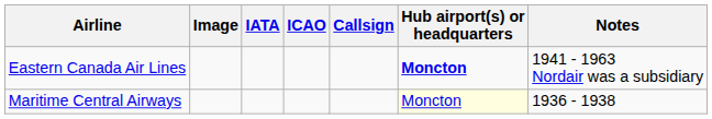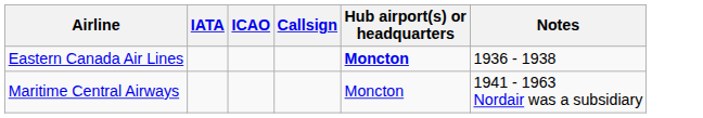 <table class="wikitable sortable" style="border: 0; cellpadding: 2; cellspacing: 3;">
 <tr style="vertical-align:middle;">
 <th>Airline</th>
-<th>Image</th>
 <th><a href='#'>IATA</a></th>
 <th><a href='#'>ICAO</a></th>
 <th><a href='#'>Callsign</a></th>
 <th>Hub airport(s) or<br>headquarters</th>
 <th class="unsortable">Notes</th>
 </tr>
 <tr>
 <td><a href='#'>Eastern Canada Air Lines</a></td>
 <td></td>
 <td></td>
 <td></td>
-<td></td>
 <td><strong><a href='#'>Moncton</a></strong></td>
-<td>1941 - 1963<br><a href='#'>Nordair</a> was a subsidiary</td>
+<td>1936 - 1938</td>
 </tr>
 <tr>
 <td><a href='#'>Maritime Central Airways</a></td>
 <td></td>
 <td></td>
 <td></td>
-<td></td>
-<td style="background: lightyellow;"><a href='#'>Moncton</a></td>
-<td>1936 - 1938</td>
+<td><a href='#'>Moncton</a></td>
+<td>1941 - 1963<br><a href='#'>Nordair</a> was a subsidiary</td>
 </tr>
 </table>
